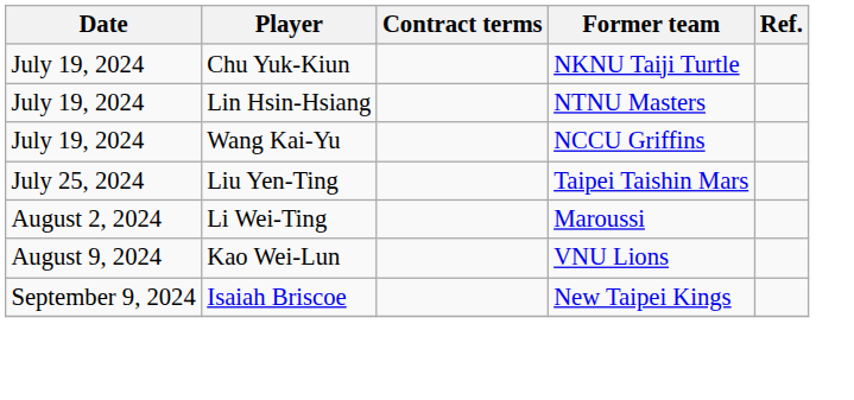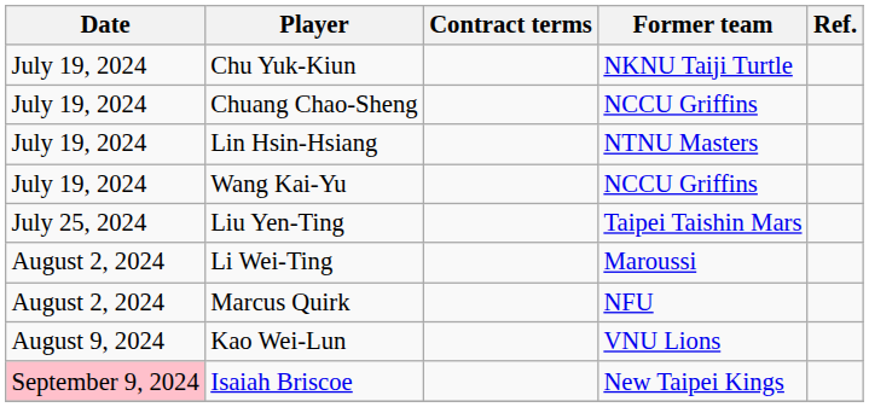 <table class="wikitable">
 <tr>
 <th>Date</th>
 <th>Player</th>
 <th>Contract terms</th>
 <th>Former team</th>
 <th>Ref.</th>
 </tr>
 <tr>
 <td>July 19, 2024</td>
 <td>Chu Yuk-Kiun</td>
 <td></td>
 <td><a href='#'>NKNU Taiji Turtle</a></td>
+<td></td>
+</tr>
+<tr>
+<td>July 19, 2024</td>
+<td>Chuang Chao-Sheng</td>
+<td></td>
+<td><a href='#'>NCCU Griffins</a></td>
 <td></td>
 </tr>
 <tr>
 <td>July 19, 2024</td>
 <td>Lin Hsin-Hsiang</td>
 <td></td>
 <td><a href='#'>NTNU Masters</a></td>
 <td></td>
 </tr>
 <tr>
 <td>July 19, 2024</td>
 <td>Wang Kai-Yu</td>
 <td></td>
 <td><a href='#'>NCCU Griffins</a></td>
 <td></td>
 </tr>
 <tr>
 <td>July 25, 2024</td>
 <td>Liu Yen-Ting</td>
 <td></td>
 <td><a href='#'>Taipei Taishin Mars</a></td>
 <td></td>
 </tr>
 <tr>
 <td>August 2, 2024</td>
 <td>Li Wei-Ting</td>
 <td></td>
 <td><a href='#'>Maroussi</a></td>
 <td></td>
 </tr>
 <tr>
+<td>August 2, 2024</td>
+<td>Marcus Quirk</td>
+<td></td>
+<td><a href='#'>NFU</a></td>
+<td></td>
+</tr>
+<tr>
 <td>August 9, 2024</td>
 <td>Kao Wei-Lun</td>
 <td></td>
 <td><a href='#'>VNU Lions</a></td>
 <td></td>
 </tr>
 <tr>
-<td>September 9, 2024</td>
+<td style="background: pink;">September 9, 2024</td>
 <td><a href='#'>Isaiah Briscoe</a></td>
 <td></td>
 <td><a href='#'>New Taipei Kings</a></td>
 <td></td>
 </tr>
 <tr>
 </tr>
 </table>
